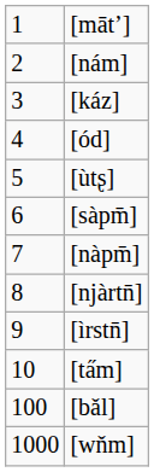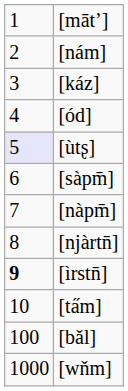 <table class="IPA wikitable">
 <tr>
 <td>1</td>
 <td>[mātʼ]</td>
 </tr>
 <tr>
 <td>2</td>
 <td>[nám]</td>
 </tr>
 <tr>
 <td>3</td>
 <td>[káz]</td>
 </tr>
 <tr>
 <td>4</td>
 <td>[ód]</td>
 </tr>
 <tr>
-<td>5</td>
+<td style="background: lavender;">5</td>
 <td>[ùtʂ]</td>
 </tr>
 <tr>
 <td>6</td>
 <td>[sàpm̄]</td>
 </tr>
 <tr>
 <td>7</td>
 <td>[nàpm̄]</td>
 </tr>
 <tr>
 <td>8</td>
 <td>[njàrtn̄]</td>
 </tr>
 <tr>
-<td>9</td>
+<td><strong>9</strong></td>
 <td>[ìrstn̄]</td>
 </tr>
 <tr>
 <td>10</td>
 <td>[ta̋m]</td>
 </tr>
 <tr>
 <td>100</td>
 <td>[bǎl]</td>
 </tr>
 <tr>
 <td>1000</td>
 <td>[wňm]</td>
 </tr>
 </table>
